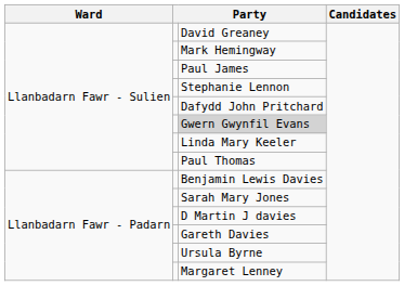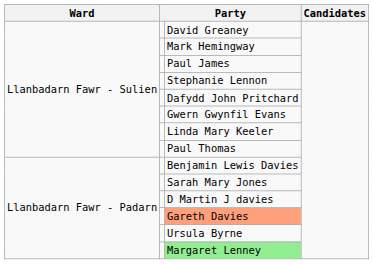 <table class="wikitable">
 <tr>
 <th>Ward</th>
 <th colspan=2>Party</th>
 <th>Candidates</th>
 </tr>
 <tr>
 <td rowspan="8">Llanbadarn Fawr - Sulien</td>
 <td></td>
 <td>David Greaney</td>
 </tr>
 <tr>
 <td></td>
 <td>Mark Hemingway</td>
 </tr>
 <tr>
 <td></td>
 <td>Paul James</td>
 </tr>
 <tr>
 <td></td>
 <td>Stephanie Lennon</td>
 </tr>
 <tr>
 <td></td>
 <td>Dafydd John Pritchard</td>
 </tr>
 <tr>
 <td></td>
-<td style="background: lightgrey;">Gwern Gwynfil Evans</td>
+<td>Gwern Gwynfil Evans</td>
 </tr>
 <tr>
 <td></td>
 <td>Linda Mary Keeler</td>
 </tr>
 <tr>
 <td></td>
 <td>Paul Thomas</td>
 </tr>
 <tr>
 <td rowspan="6">Llanbadarn Fawr - Padarn</td>
 <td></td>
 <td>Benjamin Lewis Davies</td>
 </tr>
 <tr>
 <td></td>
 <td>Sarah Mary Jones</td>
 </tr>
 <tr>
 <td></td>
 <td>D Martin J davies</td>
 </tr>
 <tr>
 <td></td>
-<td>Gareth Davies</td>
+<td style="background: lightsalmon;">Gareth Davies</td>
 </tr>
 <tr>
 <td></td>
 <td>Ursula Byrne</td>
 </tr>
 <tr>
 <td></td>
-<td>Margaret Lenney</td>
+<td style="background: lightgreen;">Margaret Lenney</td>
 </tr>
 </table>
